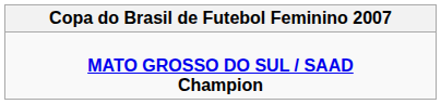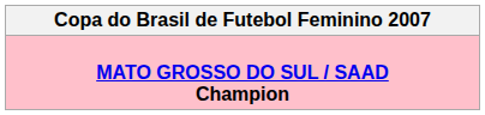 <table class="wikitable" style="margin: 0 auto; width: 20%;">
 <tr>
 <th>Copa do Brasil de Futebol Feminino 2007</th>
 </tr>
 <tr>
-<td align=center> <br><strong><a href='#'>MATO GROSSO DO SUL / SAAD</a></strong><br><strong>Champion</strong><br></td>
+<td align=center style="background: pink;"> <br><strong><a href='#'>MATO GROSSO DO SUL / SAAD</a></strong><br><strong>Champion</strong><br></td>
 </tr>
 </table>
